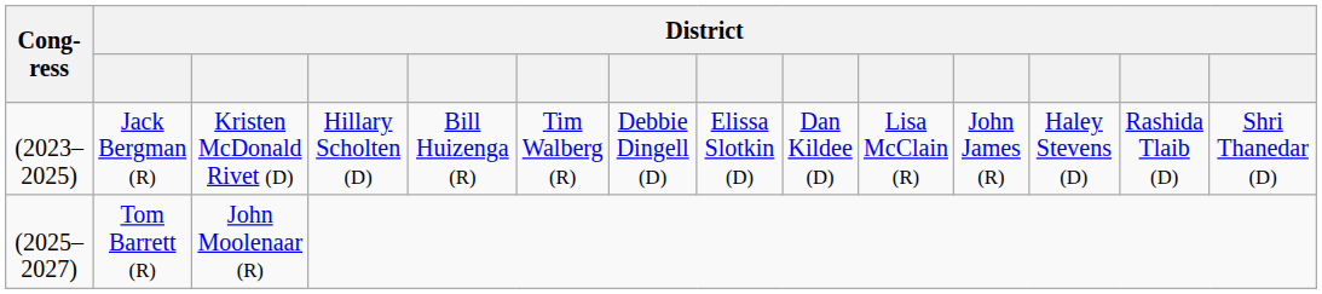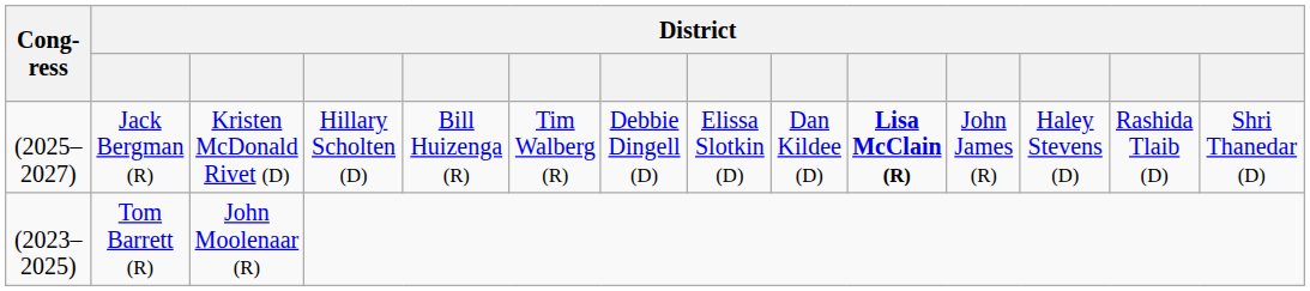 <table class=wikitable style="text-align:center">
 <tr style="height:2em">
 <th rowspan=2>Cong­ress</th>
 <th colspan=13>District</th>
 </tr>
 <tr style="height:2em" valign=bottom>
 <th></th>
 <th></th>
 <th></th>
 <th></th>
 <th></th>
 <th></th>
 <th></th>
 <th></th>
 <th></th>
 <th></th>
 <th></th>
 <th></th>
 <th></th>
 </tr>
 <tr style="height:2em">
-<td><strong></strong><br>(2023–2025)</td>
+<td><strong></strong><br>(2025–2027)</td>
 <td><a href='#'>Jack<br>Bergman</a><br><small>(R)</small></td>
 <td><a href='#'>Kristen<br>McDonald<br>Rivet</a> <small>(D)</small></td>
 <td><a href='#'>Hillary<br>Scholten</a> <small>(D)</small></td>
 <td><a href='#'>Bill<br>Huizenga</a> <small>(R)</small></td>
 <td><a href='#'>Tim<br>Walberg</a><br><small>(R)</small></td>
 <td><a href='#'>Debbie<br>Dingell</a> <small>(D)</small></td>
 <td><a href='#'>Elissa<br>Slotkin</a> <small>(D)</small></td>
 <td><a href='#'>Dan<br>Kildee</a><br><small>(D)</small></td>
-<td><a href='#'>Lisa<br>McClain</a><br><small>(R)</small></td>
+<td><strong><a href='#'>Lisa<br>McClain</a><br><small>(R)</small></strong></td>
 <td><a href='#'>John<br>James</a> <small>(R)</small></td>
 <td><a href='#'>Haley<br>Stevens</a> <small>(D)</small></td>
 <td><a href='#'>Rashida<br>Tlaib</a> <small>(D)</small></td>
 <td><a href='#'>Shri<br>Thanedar</a> <small>(D)</small></td>
 </tr>
 <tr style="height:2em">
-<td><strong></strong><br>(2025–2027)</td>
+<td><strong></strong><br>(2023–2025)</td>
 <td><a href='#'>Tom<br>Barrett</a><br><small>(R)</small></td>
 <td><a href='#'>John<br>Moolenaar</a><br><small>(R)</small></td>
 </tr>
 </table>
